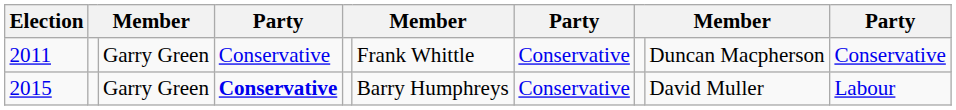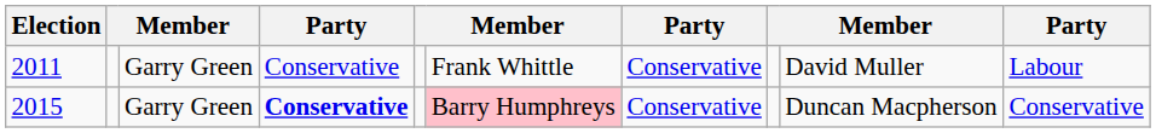 <table class="wikitable">
 <tr>
 <th>Election</th>
 <th colspan="2">Member</th>
 <th>Party</th>
 <th colspan="2">Member</th>
 <th>Party</th>
 <th colspan="2">Member</th>
 <th>Party</th>
 </tr>
 <tr>
 <td><a href='#'>2011</a></td>
 <td style="background-color: "></td>
 <td>Garry Green</td>
 <td><a href='#'>Conservative</a></td>
 <td style="background-color: "></td>
 <td>Frank Whittle</td>
 <td><a href='#'>Conservative</a></td>
 <td style="background-color: "></td>
-<td>Duncan Macpherson</td>
-<td><a href='#'>Conservative</a></td>
+<td>David Muller</td>
+<td><a href='#'>Labour</a></td>
 </tr>
 <tr>
 <td><a href='#'>2015</a></td>
 <td style="background-color: "></td>
 <td>Garry Green</td>
 <td><strong><a href='#'>Conservative</a></strong></td>
 <td style="background-color: "></td>
-<td>Barry Humphreys</td>
+<td style="background: pink;">Barry Humphreys</td>
 <td><a href='#'>Conservative</a></td>
 <td style="background-color: "></td>
-<td>David Muller</td>
-<td><a href='#'>Labour</a></td>
+<td>Duncan Macpherson</td>
+<td><a href='#'>Conservative</a></td>
 </tr>
 </table>
